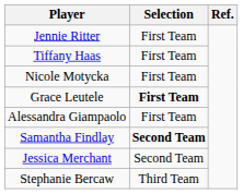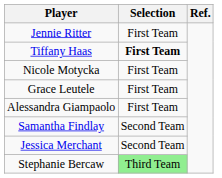 <table class="wikitable sortable sortable" style="text-align: center">
 <tr align=center>
 <th>Player</th>
 <th>Selection</th>
 <th>Ref.</th>
 </tr>
 <tr>
 <td><a href='#'>Jennie Ritter</a></td>
 <td>First Team</td>
 <td rowspan="8"></td>
 </tr>
 <tr>
 <td><a href='#'>Tiffany Haas</a></td>
-<td>First Team</td>
+<td><strong>First Team</strong></td>
 </tr>
 <tr>
 <td>Nicole Motycka</td>
 <td>First Team</td>
 </tr>
 <tr>
 <td>Grace Leutele</td>
-<td><strong>First Team</strong></td>
+<td>First Team</td>
 </tr>
 <tr>
 <td>Alessandra Giampaolo</td>
 <td>First Team</td>
 </tr>
 <tr>
 <td><a href='#'>Samantha Findlay</a></td>
-<td><strong>Second Team</strong></td>
+<td>Second Team</td>
 </tr>
 <tr>
 <td><a href='#'>Jessica Merchant</a></td>
 <td>Second Team</td>
 </tr>
 <tr>
 <td>Stephanie Bercaw</td>
-<td>Third Team</td>
+<td style="background: lightgreen;">Third Team</td>
 </tr>
 </table>
